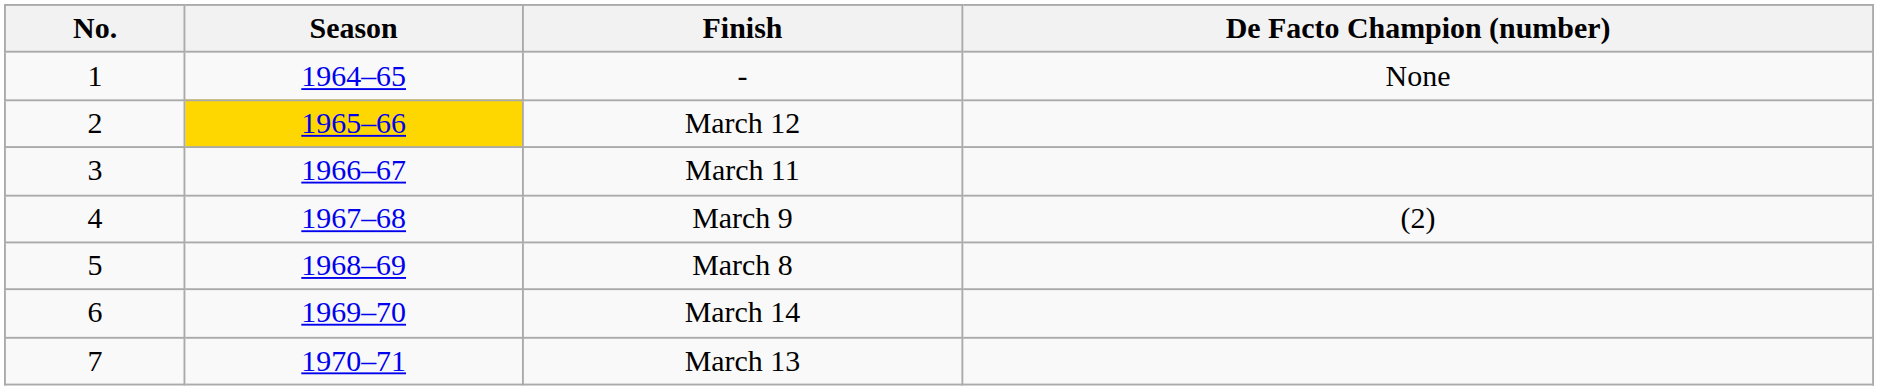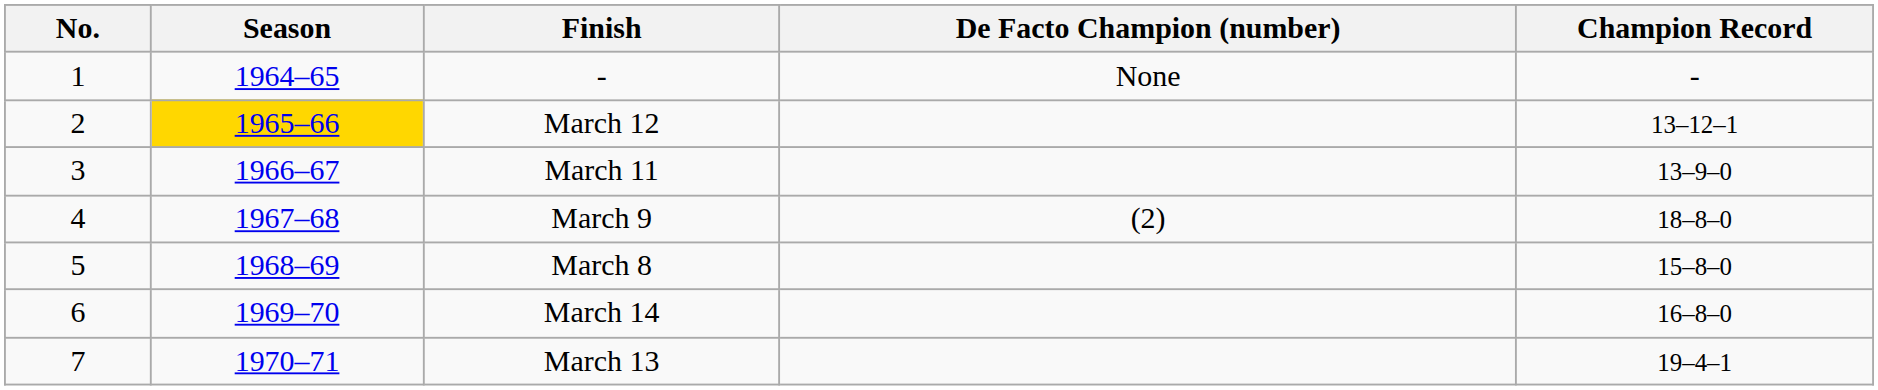 <table class="wikitable" width=1000>
 <tr>
 <th style="width:3em">No.</th>
 <th style="width:6em">Season</th>
 <th style="width:8em">Finish</th>
 <th style="width:17em">De Facto Champion (number)</th>
+<th style="width:8em">Champion Record</th>
 </tr>
 <tr style="text-align:center;">
 <td>1</td>
 <td><a href='#'>1964–65</a></td>
 <td>-</td>
 <td>None</td>
+<td>-</td>
 </tr>
 <tr style="text-align:center;">
 <td>2</td>
 <td style="background: gold;"><a href='#'>1965–66</a></td>
 <td>March 12</td>
 <td><a href='#'></a></td>
+<td><small>13–12–1</small></td>
 </tr>
 <tr style="text-align:center;">
 <td>3</td>
 <td><a href='#'>1966–67</a></td>
 <td>March 11</td>
 <td><a href='#'></a></td>
+<td><small>13–9–0</small></td>
 </tr>
 <tr style="text-align:center;">
 <td>4</td>
 <td><a href='#'>1967–68</a></td>
 <td>March 9</td>
 <td><a href='#'></a> (2)</td>
+<td><small>18–8–0</small></td>
 </tr>
 <tr style="text-align:center;">
 <td>5</td>
 <td><a href='#'>1968–69</a></td>
 <td>March 8</td>
 <td><a href='#'></a></td>
+<td><small>15–8–0</small></td>
 </tr>
 <tr style="text-align:center;">
 <td>6</td>
 <td><a href='#'>1969–70</a></td>
 <td>March 14</td>
 <td><a href='#'></a></td>
+<td><small>16–8–0</small></td>
 </tr>
 <tr style="text-align:center;">
 <td>7</td>
 <td><a href='#'>1970–71</a></td>
 <td>March 13</td>
 <td><a href='#'></a></td>
+<td><small>19–4–1</small></td>
 </tr>
 </table>
